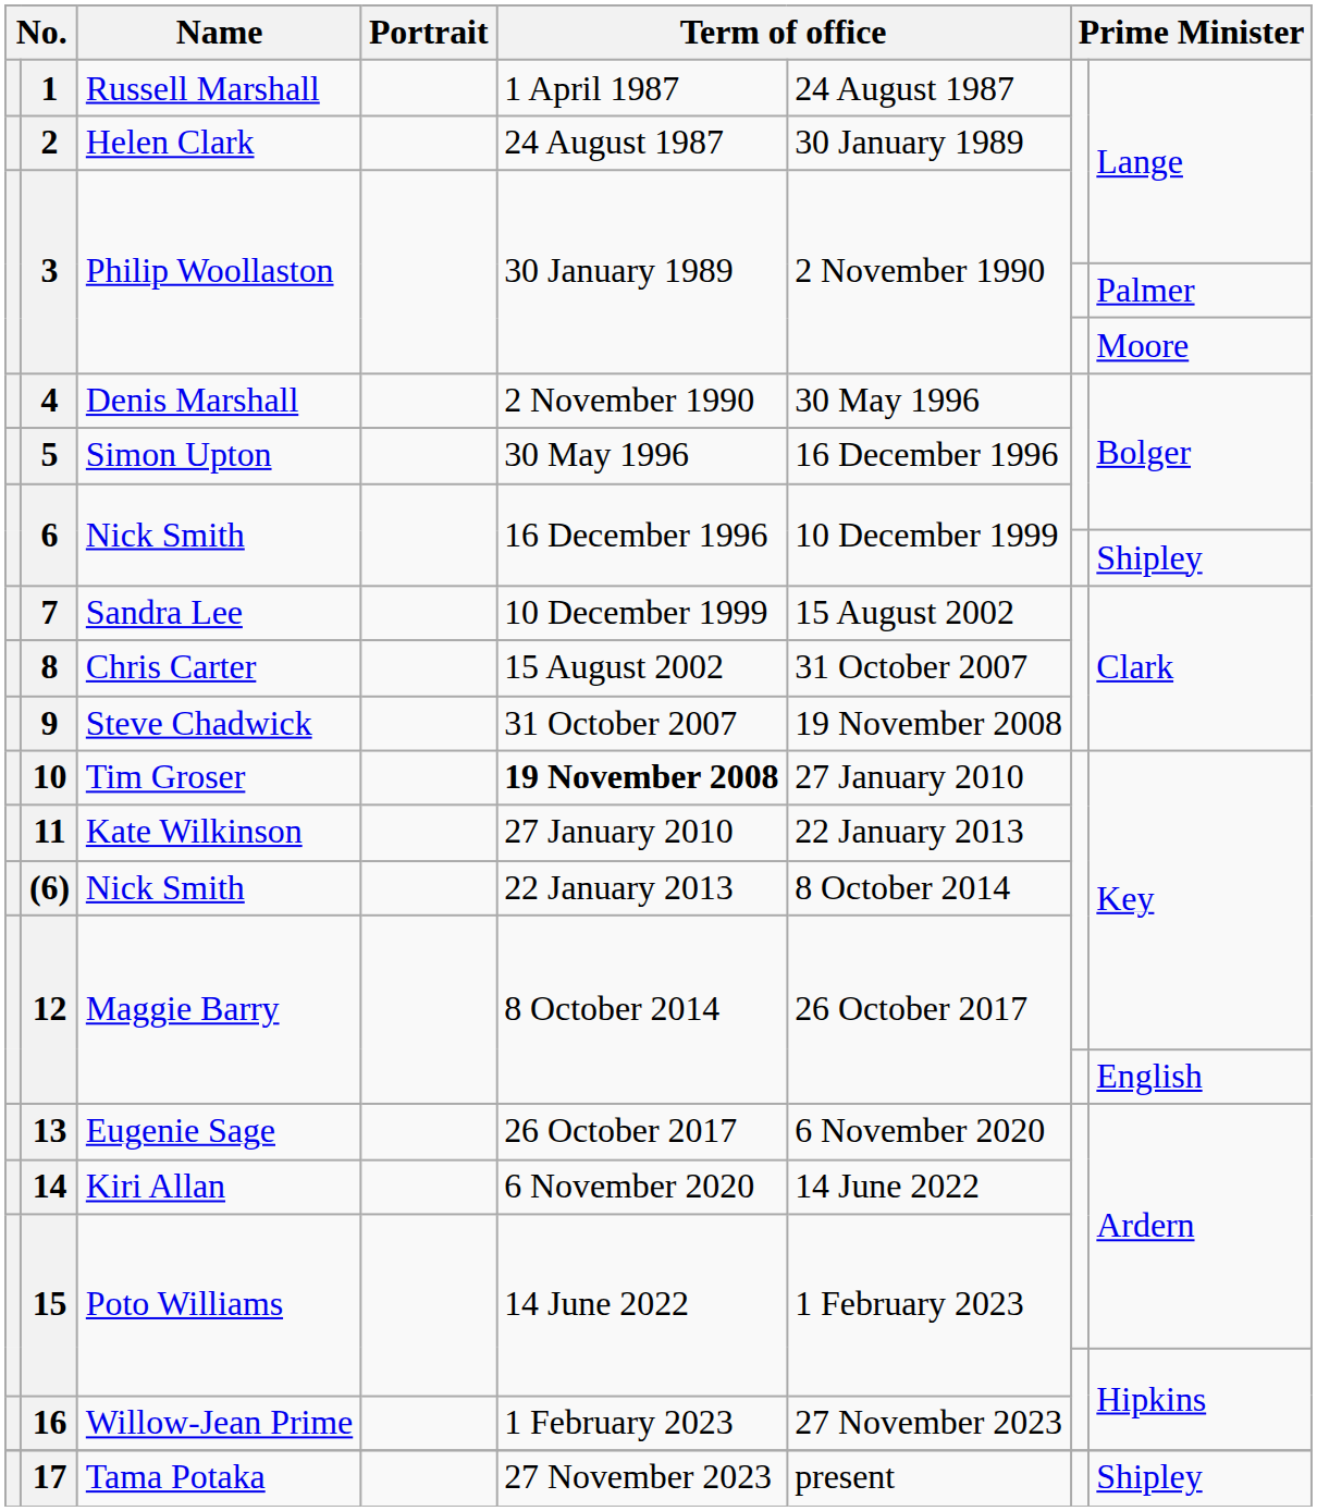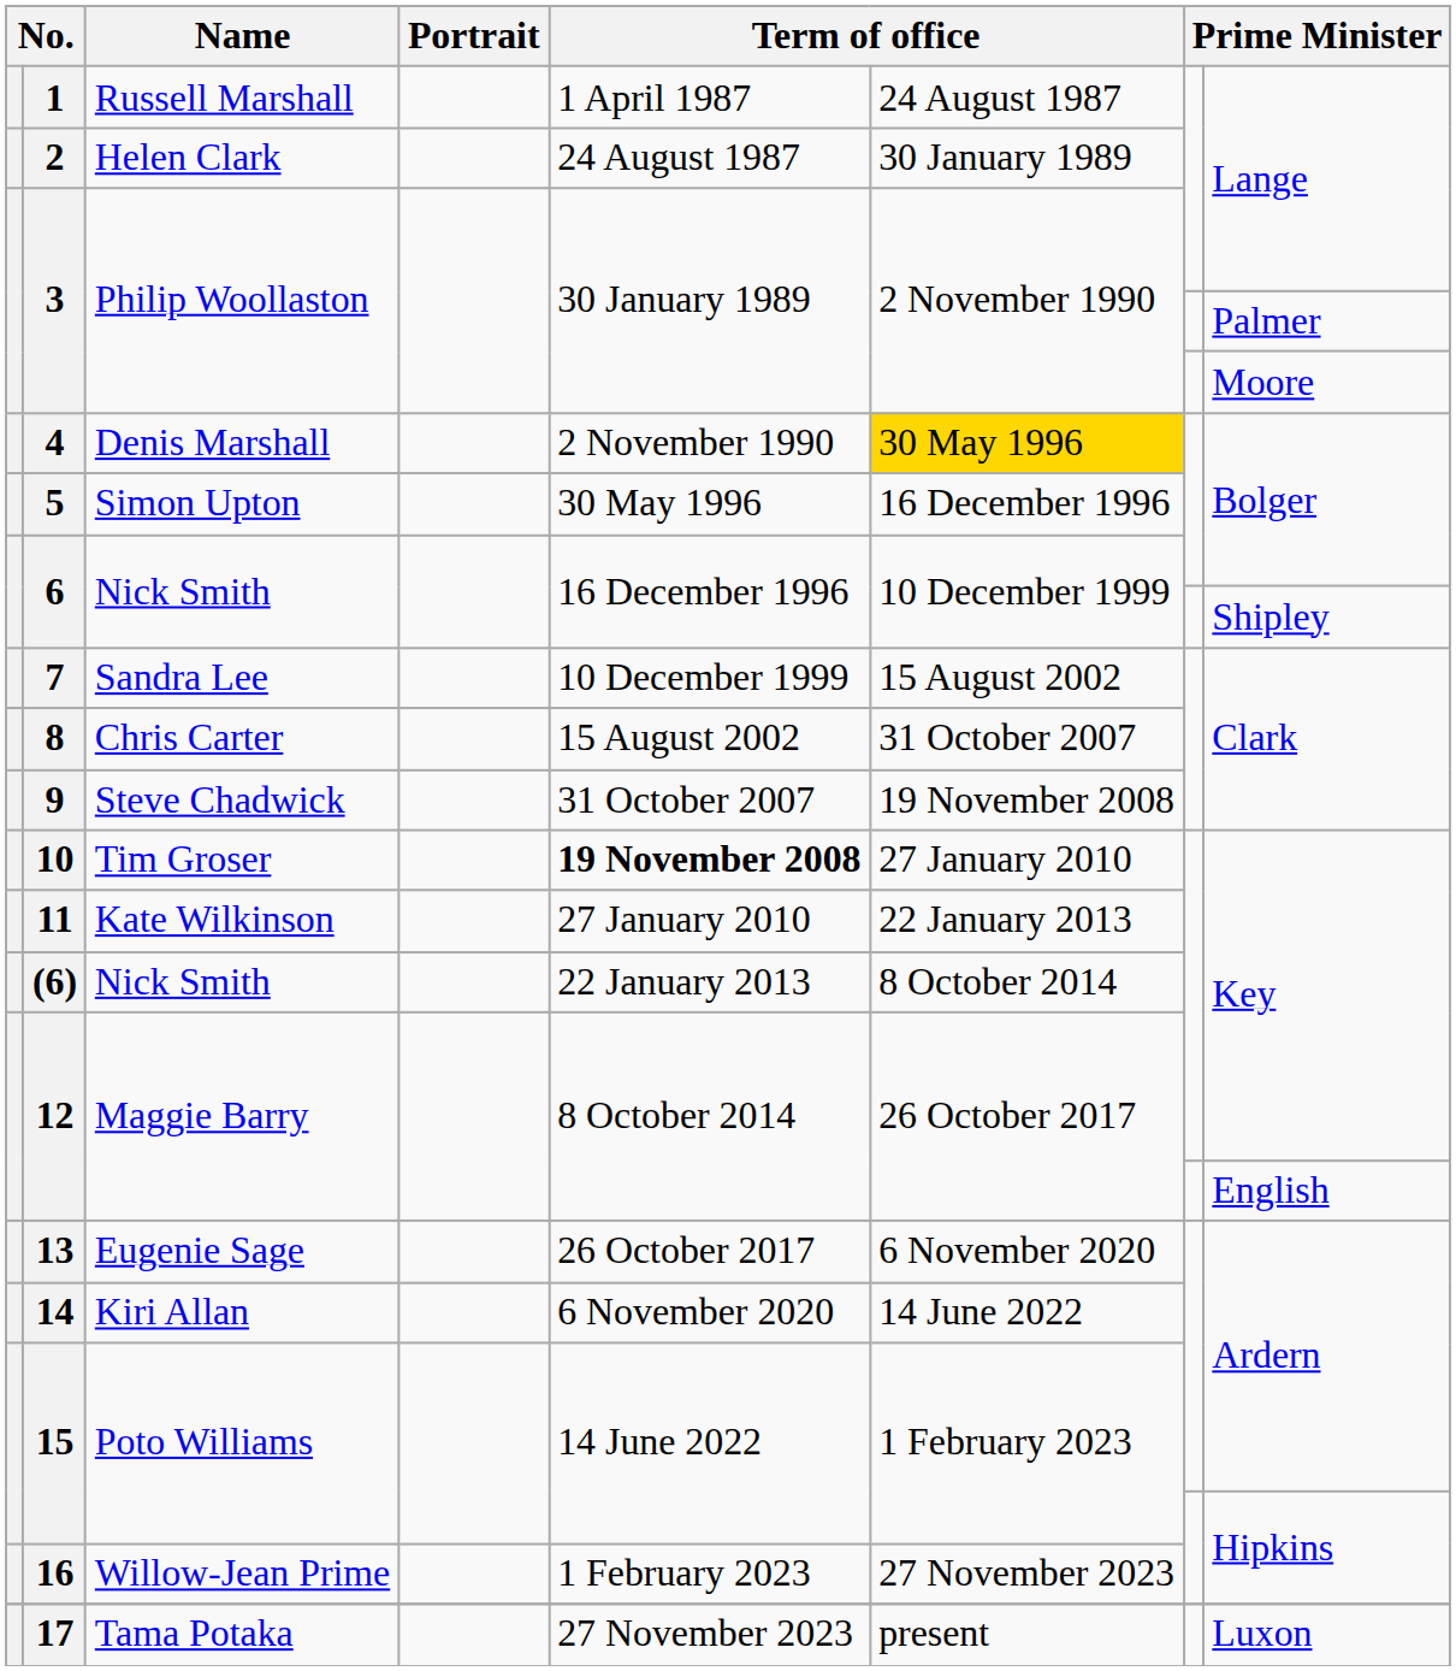 <table class="wikitable">
 <tr>
 <th colspan=2>No.</th>
 <th>Name</th>
 <th>Portrait</th>
 <th colspan=2>Term of office</th>
 <th colspan=2>Prime Minister</th>
 </tr>
 <tr>
 <th style="color:inherit;background:"></th>
 <th>1</th>
 <td><a href='#'>Russell Marshall</a></td>
 <td></td>
 <td>1 April 1987</td>
 <td>24 August 1987</td>
 <td width=1 rowspan=2 style="border-bottom:solid 0 grey; background:"></td>
 <td rowspan=3><a href='#'>Lange</a></td>
 </tr>
 <tr>
 <th style="color:inherit;background:"></th>
 <th>2</th>
 <td><a href='#'>Helen Clark</a></td>
 <td></td>
 <td>24 August 1987</td>
 <td>30 January 1989</td>
 </tr>
 <tr>
 <th rowspan=3 style="color:inherit;background:"></th>
 <th rowspan=3>3</th>
 <td rowspan=3><a href='#'>Philip Woollaston</a></td>
 <td rowspan=3></td>
 <td rowspan=3>30 January 1989</td>
 <td rowspan=3>2 November 1990</td>
 <td height=36 style="border-top:solid 0 grey; background:"></td>
 </tr>
 <tr>
 <td style="color:inherit;background:"></td>
 <td><a href='#'>Palmer</a></td>
 </tr>
 <tr>
 <td style="color:inherit;background:"></td>
 <td><a href='#'>Moore</a></td>
 </tr>
 <tr>
 <th style="color:inherit;background:"></th>
 <th>4</th>
 <td><a href='#'>Denis Marshall</a></td>
 <td></td>
 <td>2 November 1990</td>
-<td>30 May 1996</td>
+<td style="background: gold;">30 May 1996</td>
 <td rowspan="3" style="color:inherit;background:"></td>
 <td rowspan="3"><a href='#'>Bolger</a></td>
 </tr>
 <tr>
 <th style="color:inherit;background:"></th>
 <th>5</th>
 <td><a href='#'>Simon Upton</a></td>
 <td></td>
 <td>30 May 1996</td>
 <td>16 December 1996</td>
 </tr>
 <tr>
 <th height=15 style="border-bottom:solid 0 grey; background:"></th>
 <th rowspan="2">6</th>
 <td rowspan="2"><a href='#'>Nick Smith</a></td>
 <td rowspan="2"></td>
 <td rowspan="2">16 December 1996</td>
 <td rowspan="2">10 December 1999</td>
 </tr>
 <tr>
 <th height=15 style="border-top:solid 0 grey; background:"></th>
 <td style="color:inherit;background:"></td>
 <td><a href='#'>Shipley</a></td>
 </tr>
 <tr>
 <th style="color:inherit;background:"></th>
 <th>7</th>
 <td><a href='#'>Sandra Lee</a></td>
 <td></td>
 <td>10 December 1999</td>
 <td>15 August 2002</td>
 <td rowspan=3 style="color:inherit;background:"></td>
 <td rowspan=3><a href='#'>Clark</a></td>
 </tr>
 <tr>
 <th style="color:inherit;background:"></th>
 <th>8</th>
 <td><a href='#'>Chris Carter</a></td>
 <td></td>
 <td>15 August 2002</td>
 <td>31 October 2007</td>
 </tr>
 <tr>
 <th style="color:inherit;background:"></th>
 <th>9</th>
 <td><a href='#'>Steve Chadwick</a></td>
 <td></td>
 <td>31 October 2007</td>
 <td>19 November 2008</td>
 </tr>
 <tr>
 <th style="color:inherit;background:"></th>
 <th>10</th>
 <td><a href='#'>Tim Groser</a></td>
 <td></td>
 <td><strong>19 November 2008</strong></td>
 <td>27 January 2010</td>
 <td rowspan="4" style="color:inherit;background:"></td>
 <td rowspan="4"><a href='#'>Key</a></td>
 </tr>
 <tr>
 <th style="color:inherit;background:"></th>
 <th>11</th>
 <td><a href='#'>Kate Wilkinson</a></td>
 <td></td>
 <td>27 January 2010</td>
 <td>22 January 2013</td>
 </tr>
 <tr>
 <th style="color:inherit;background:"></th>
 <th>(6)</th>
 <td><a href='#'>Nick Smith</a></td>
 <td></td>
 <td>22 January 2013</td>
 <td>8 October 2014</td>
 </tr>
 <tr>
 <th height=55 style="border-bottom:solid 0 grey; background:"></th>
 <th rowspan="2">12</th>
 <td rowspan="2"><a href='#'>Maggie Barry</a></td>
 <td rowspan="2"></td>
 <td rowspan="2">8 October 2014</td>
 <td rowspan="2">26 October 2017</td>
 </tr>
 <tr>
 <th height=15 style="border-top:solid 0 grey; background:"></th>
 <td style="color:inherit;background:"></td>
 <td><a href='#'>English</a></td>
 </tr>
 <tr>
 <th style="color:inherit;background:"></th>
 <th>13</th>
 <td><a href='#'>Eugenie Sage</a></td>
 <td></td>
 <td>26 October 2017</td>
 <td>6 November 2020</td>
 <td rowspan=3 style="color:inherit;background:"></td>
 <td rowspan=3><a href='#'>Ardern</a></td>
 </tr>
 <tr>
 <th style="color:inherit;background:"></th>
 <th>14</th>
 <td><a href='#'>Kiri Allan</a></td>
 <td></td>
 <td>6 November 2020</td>
 <td>14 June 2022</td>
 </tr>
 <tr>
 <th height=55 style="border-bottom:solid 0 grey; background:"></th>
 <th rowspan=2>15</th>
 <td rowspan=2><a href='#'>Poto Williams</a></td>
 <td rowspan=2></td>
 <td rowspan=2>14 June 2022</td>
 <td rowspan=2>1 February 2023</td>
 </tr>
 <tr>
 <th height=15 style="border-top:solid 0 grey; background:"></th>
 <td rowspan=2 style="color:inherit;background:"></td>
 <td rowspan=2><a href='#'>Hipkins</a></td>
 </tr>
 <tr>
 <th style="color:inherit;background:"></th>
 <th>16</th>
 <td><a href='#'>Willow-Jean Prime</a></td>
 <td></td>
 <td>1 February 2023</td>
 <td>27 November 2023</td>
 </tr>
 <tr>
 </tr>
 <tr>
 <th style="color:inherit;background:"></th>
 <th>17</th>
 <td><a href='#'>Tama Potaka</a></td>
 <td></td>
 <td>27 November 2023</td>
 <td>present</td>
 <td style="color:inherit;background:"></td>
-<td><a href='#'>Shipley</a></td>
+<td><a href='#'>Luxon</a></td>
 </tr>
 </table>
